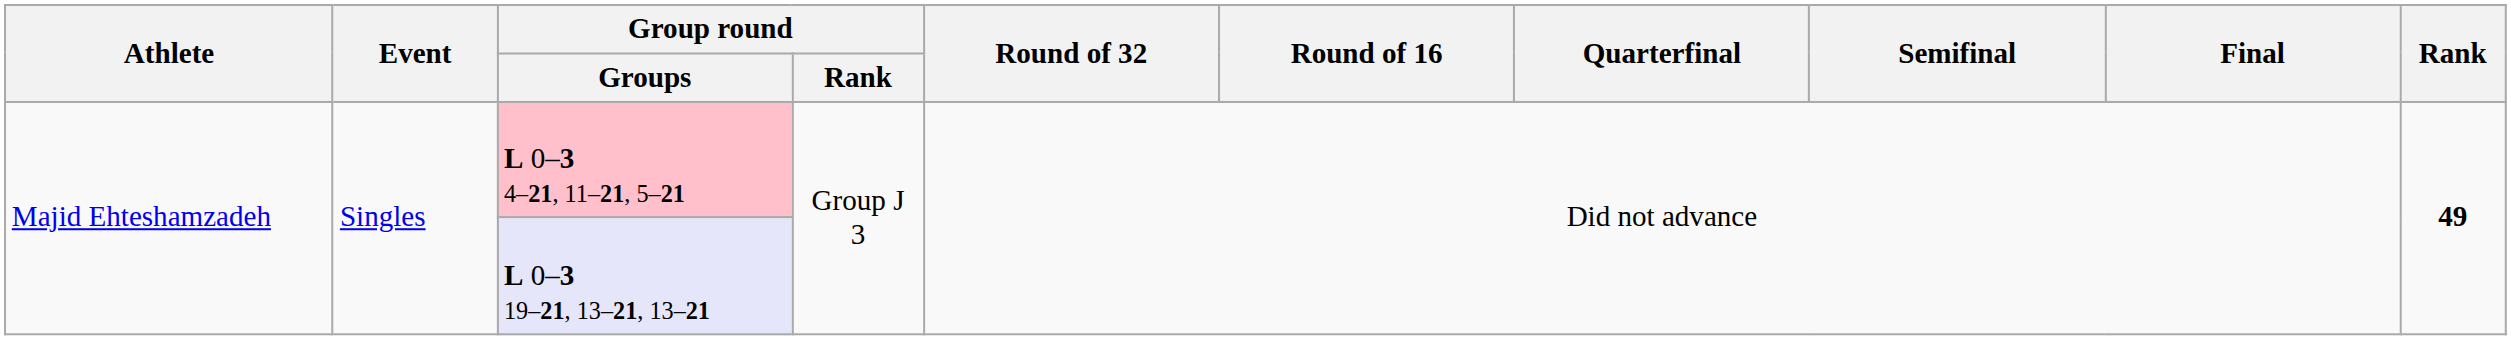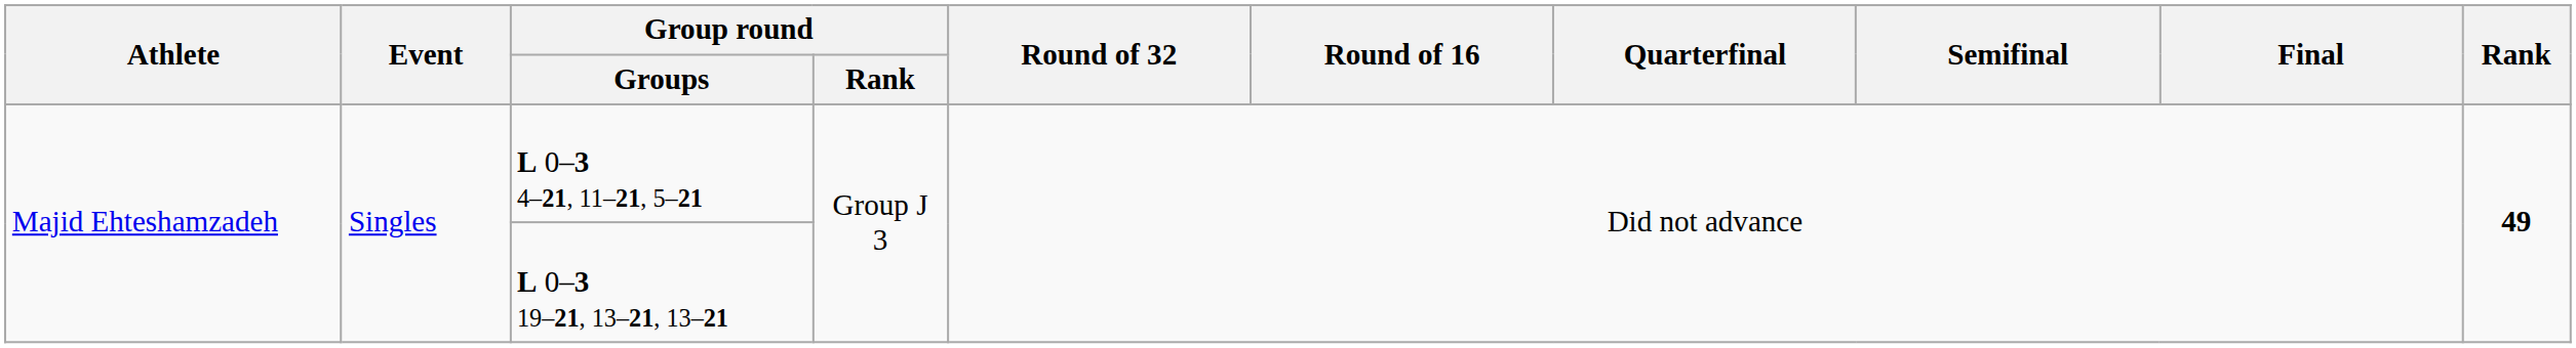 <table class="wikitable" width="98%" style="text-align:left; font-size:90%">
 <tr>
 <th rowspan="2" width="10%">Athlete</th>
 <th rowspan="2" width="5%">Event</th>
 <th colspan="2">Group round</th>
 <th rowspan="2" width="9%">Round of 32</th>
 <th rowspan="2" width="9%">Round of 16</th>
 <th rowspan="2" width="9%">Quarterfinal</th>
 <th rowspan="2" width="9%">Semifinal</th>
 <th rowspan="2" width="9%">Final</th>
 <th rowspan="2" width="3%">Rank</th>
 </tr>
 <tr>
 <th width="9%">Groups</th>
 <th width="4%">Rank</th>
 </tr>
 <tr>
 <td rowspan="2"><a href='#'>Majid Ehteshamzadeh</a></td>
 <td rowspan="2"><a href='#'>Singles</a></td>
-<td style="background: pink;"><br><strong>L</strong> 0–<strong>3</strong><br><small>4–<strong>21</strong>, 11–<strong>21</strong>, 5–<strong>21</strong></small></td>
+<td><br><strong>L</strong> 0–<strong>3</strong><br><small>4–<strong>21</strong>, 11–<strong>21</strong>, 5–<strong>21</strong></small></td>
 <td rowspan="2" align=center>Group J<br>3</td>
 <td rowspan="2" colspan=5 align=center>Did not advance</td>
 <td rowspan="2" align=center><strong>49</strong></td>
 </tr>
 <tr>
-<td style="background: lavender;"><br><strong>L</strong> 0–<strong>3</strong><br><small>19–<strong>21</strong>, 13–<strong>21</strong>, 13–<strong>21</strong></small></td>
+<td><br><strong>L</strong> 0–<strong>3</strong><br><small>19–<strong>21</strong>, 13–<strong>21</strong>, 13–<strong>21</strong></small></td>
 </tr>
 </table>
